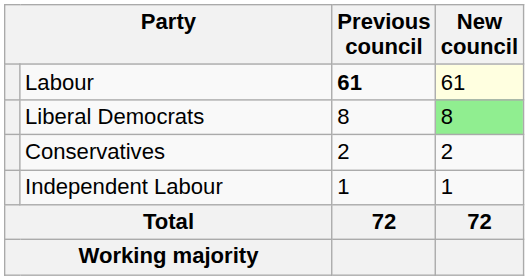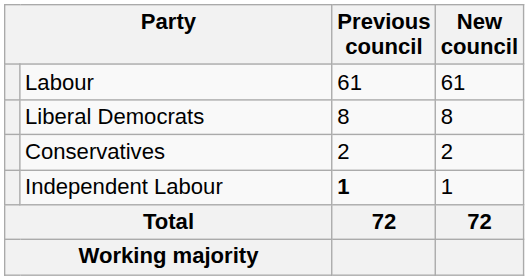 <table class="wikitable">
 <tr>
 <th valign=top colspan="2" style="width: 230px">Party</th>
 <th valign=top style="width: 30px">Previous council</th>
 <th valign=top style="width: 30px">New council</th>
 </tr>
 <tr>
 <th style="background-color: "></th>
 <td>Labour</td>
-<td><strong>61</strong></td>
-<td style="background: lightyellow;">61</td>
+<td>61</td>
+<td>61</td>
 </tr>
 <tr>
 <th style="background-color: "></th>
 <td>Liberal Democrats</td>
 <td>8</td>
-<td style="background: lightgreen;">8</td>
+<td>8</td>
 </tr>
 <tr>
 <th style="background-color: "></th>
 <td>Conservatives</td>
 <td>2</td>
 <td>2</td>
 </tr>
 <tr>
 <th style="background-color: "></th>
 <td>Independent Labour</td>
-<td>1</td>
+<td><strong>1</strong></td>
 <td>1</td>
 </tr>
 <tr>
 <th colspan=2>Total</th>
 <th style="text-align: center">72</th>
 <th colspan=3>72</th>
 </tr>
 <tr>
 <th colspan=2>Working majority</th>
 <th></th>
 <th></th>
 </tr>
 </table>
